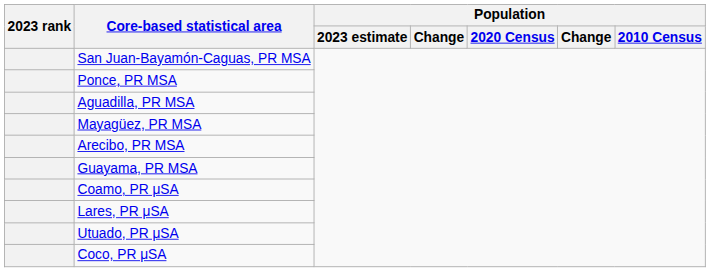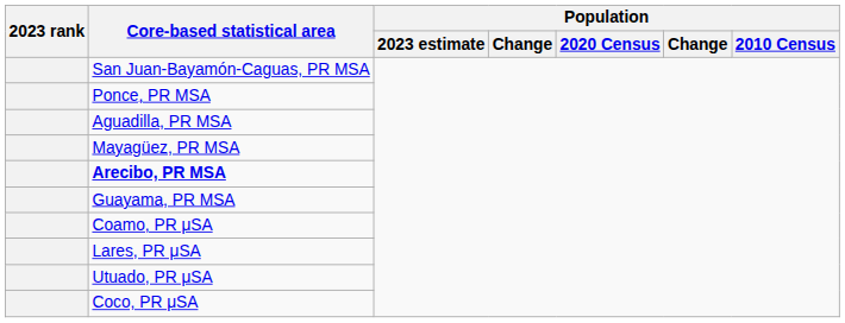 <table class="wikitable sortable">
 <tr>
 <th scope=col rowspan=2>2023 rank</th>
 <th scope=col rowspan=2><a href='#'>Core-based statistical area</a></th>
 <th colspan=5>Population</th>
 </tr>
 <tr>
 <th scope=col>2023 estimate</th>
 <th scope=col>Change</th>
 <th scope=col><a href='#'>2020 Census</a></th>
 <th scope=col>Change</th>
 <th scope=col><a href='#'>2010 Census</a></th>
 </tr>
 <tr>
 <th scope=row></th>
 <td><a href='#'>San Juan-Bayamón-Caguas, PR MSA</a><br></td>
 </tr>
 <tr>
 <th scope=row></th>
 <td><a href='#'>Ponce, PR MSA</a><br></td>
 </tr>
 <tr>
 <th scope=row></th>
 <td><a href='#'>Aguadilla, PR MSA</a><br></td>
 </tr>
 <tr>
 <th scope=row></th>
 <td><a href='#'>Mayagüez, PR MSA</a><br></td>
 </tr>
 <tr>
 <th scope=row></th>
-<td><a href='#'>Arecibo, PR MSA</a><br></td>
+<td><strong><a href='#'>Arecibo, PR MSA</a><br></strong></td>
 </tr>
 <tr>
 <th scope=row></th>
 <td><a href='#'>Guayama, PR MSA</a><br></td>
 </tr>
 <tr>
 <th scope=row></th>
 <td><a href='#'>Coamo, PR μSA</a><br></td>
 </tr>
 <tr>
 <th scope=row></th>
 <td><a href='#'>Lares, PR μSA</a><br></td>
 </tr>
 <tr>
 <th scope=row></th>
 <td><a href='#'>Utuado, PR μSA</a><br></td>
 </tr>
 <tr>
 <th scope=row></th>
 <td><a href='#'>Coco, PR μSA</a><br></td>
 </tr>
 </table>
